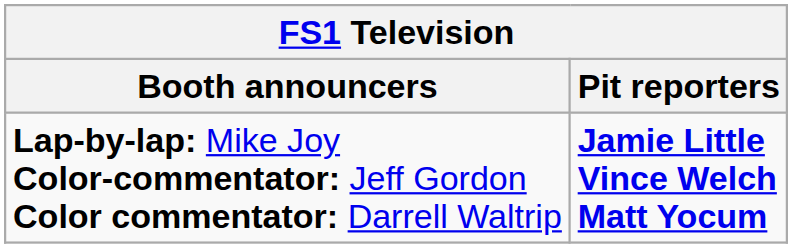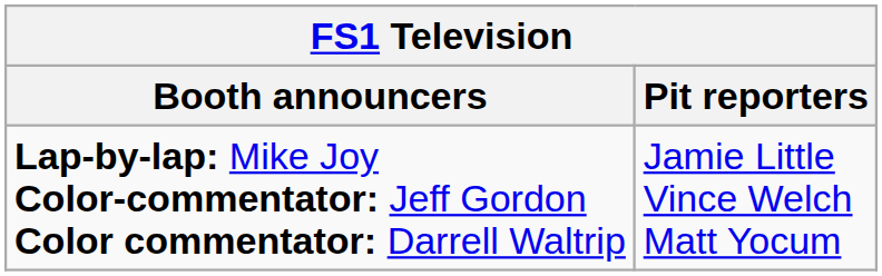 <table class="wikitable" style="font-size: 95%;">
 <tr>
 <th colspan="2"><a href='#'>FS1</a> Television</th>
 </tr>
 <tr>
 <th>Booth announcers</th>
 <th>Pit reporters</th>
 </tr>
 <tr>
 <td><strong>Lap-by-lap:</strong> <a href='#'>Mike Joy</a> <br><strong>Color-commentator:</strong> <a href='#'>Jeff Gordon</a> <br><strong>Color commentator:</strong> <a href='#'>Darrell Waltrip</a></td>
-<td><strong><a href='#'>Jamie Little</a><br><a href='#'>Vince Welch</a><br><a href='#'>Matt Yocum</a></strong></td>
+<td><a href='#'>Jamie Little</a><br><a href='#'>Vince Welch</a><br><a href='#'>Matt Yocum</a></td>
 </tr>
 </table>
